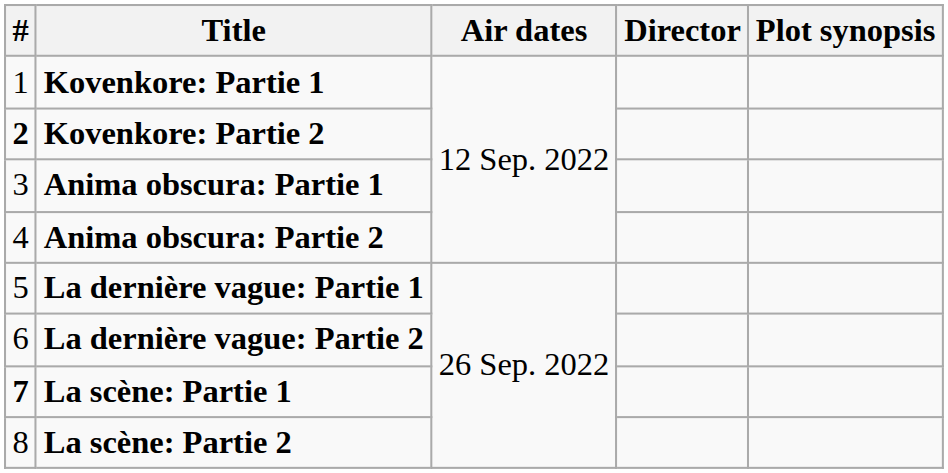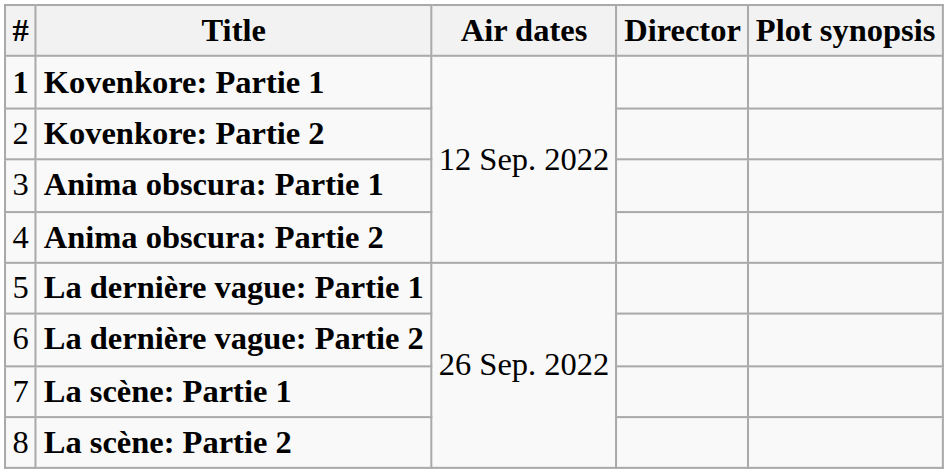 <table class="wikitable">
 <tr>
 <th>#</th>
 <th>Title</th>
 <th>Air dates</th>
 <th>Director</th>
 <th>Plot synopsis</th>
 </tr>
 <tr>
-<td>1</td>
+<td><strong>1</strong></td>
 <td><strong>Kovenkore: Partie 1</strong></td>
 <td rowspan="4">12 Sep. 2022</td>
 <td></td>
 <td></td>
 </tr>
 <tr>
-<td><strong>2</strong></td>
+<td>2</td>
 <td><strong>Kovenkore: Partie 2</strong></td>
 <td></td>
 <td></td>
 </tr>
 <tr>
 <td>3</td>
 <td><strong>Anima obscura: Partie 1</strong></td>
 <td></td>
 <td></td>
 </tr>
 <tr>
 <td>4</td>
 <td><strong>Anima obscura: Partie 2</strong></td>
 <td></td>
 <td></td>
 </tr>
 <tr>
 <td>5</td>
 <td><strong>La dernière vague: Partie 1</strong></td>
 <td rowspan="4">26 Sep. 2022</td>
 <td></td>
 <td></td>
 </tr>
 <tr>
 <td>6</td>
 <td><strong>La dernière vague: Partie 2</strong></td>
 <td></td>
 <td></td>
 </tr>
 <tr>
-<td><strong>7</strong></td>
+<td>7</td>
 <td><strong>La scène: Partie 1</strong></td>
 <td></td>
 <td></td>
 </tr>
 <tr>
 <td>8</td>
 <td><strong>La scène: Partie 2</strong></td>
 <td></td>
 <td></td>
 </tr>
 </table>
